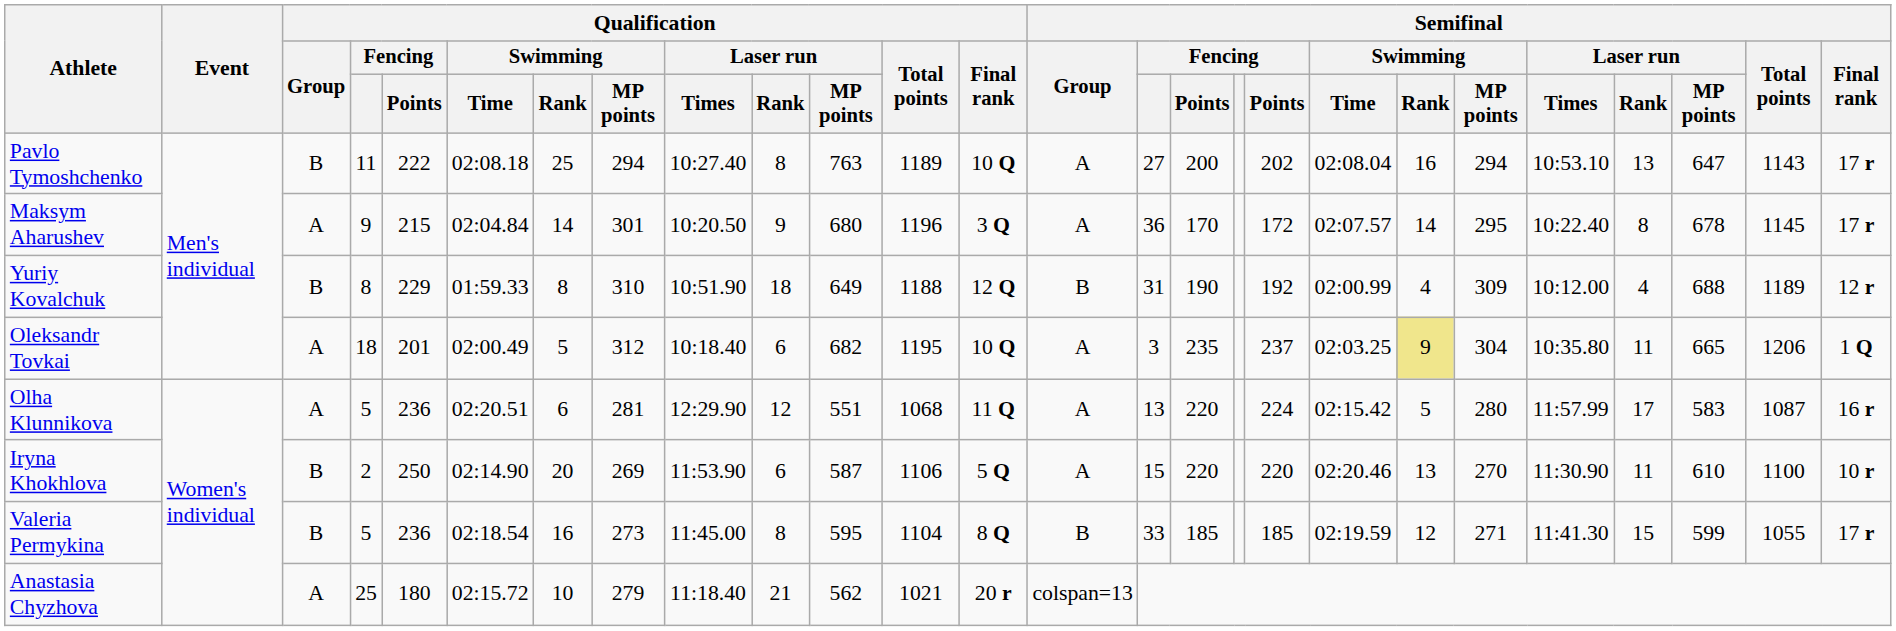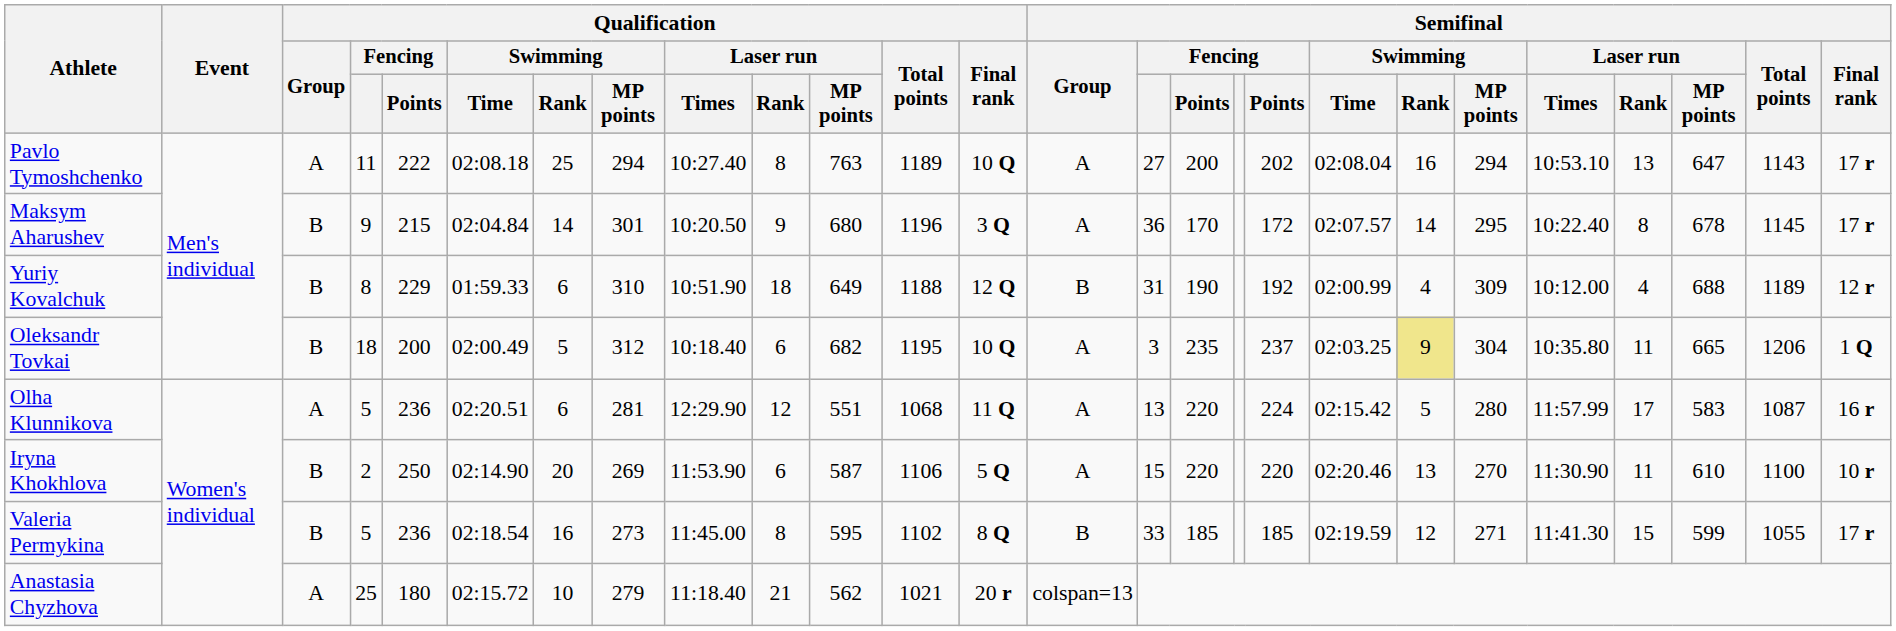 <table class="wikitable" style="font-size:90%">
 <tr>
 <th rowspan="3">Athlete</th>
 <th rowspan="3">Event</th>
 <th colspan=11>Qualification</th>
 <th colspan=13>Semifinal</th>
 </tr>
 <tr style="font-size:95%">
 <th rowspan=2>Group</th>
 <th colspan=2>Fencing</th>
 <th colspan=3>Swimming</th>
 <th colspan=3>Laser run</th>
 <th rowspan=2>Total points</th>
 <th rowspan=2>Final rank</th>
 <th rowspan=2>Group</th>
 <th colspan=4>Fencing</th>
 <th colspan=3>Swimming</th>
 <th colspan=3>Laser run</th>
 <th rowspan=2>Total points</th>
 <th rowspan=2>Final rank</th>
 </tr>
 <tr style="font-size:95%">
 <th></th>
 <th>Points</th>
 <th>Time</th>
 <th>Rank</th>
 <th>MP points</th>
 <th>Times</th>
 <th>Rank</th>
 <th>MP points</th>
 <th></th>
 <th>Points</th>
 <th></th>
 <th>Points</th>
 <th>Time</th>
 <th>Rank</th>
 <th>MP points</th>
 <th>Times</th>
 <th>Rank</th>
 <th>MP points</th>
 </tr>
 <tr align=center>
 <td align=left><a href='#'>Pavlo Tymoshchenko</a></td>
 <td align=left rowspan="4"><a href='#'>Men's individual</a></td>
-<td>B</td>
+<td>A</td>
 <td>11</td>
 <td>222</td>
 <td>02:08.18</td>
 <td>25</td>
 <td>294</td>
 <td>10:27.40</td>
 <td>8</td>
 <td>763</td>
 <td>1189</td>
 <td>10 <strong>Q</strong></td>
 <td>A</td>
 <td>27</td>
 <td>200</td>
 <td></td>
 <td>202</td>
 <td>02:08.04</td>
 <td>16</td>
 <td>294</td>
 <td>10:53.10</td>
 <td>13</td>
 <td>647</td>
 <td>1143</td>
 <td>17 <strong>r</strong></td>
 </tr>
 <tr align=center>
 <td align=left><a href='#'>Maksym Aharushev</a></td>
-<td>A</td>
+<td>B</td>
 <td>9</td>
 <td>215</td>
 <td>02:04.84</td>
 <td>14</td>
 <td>301</td>
 <td>10:20.50</td>
 <td>9</td>
 <td>680</td>
 <td>1196</td>
 <td>3 <strong>Q</strong></td>
 <td>A</td>
 <td>36</td>
 <td>170</td>
 <td></td>
 <td>172</td>
 <td>02:07.57</td>
 <td>14</td>
 <td>295</td>
 <td>10:22.40</td>
 <td>8</td>
 <td>678</td>
 <td>1145</td>
 <td>17 <strong>r</strong></td>
 </tr>
 <tr align=center>
 <td align=left><a href='#'>Yuriy Kovalchuk</a></td>
 <td>B</td>
 <td>8</td>
 <td>229</td>
 <td>01:59.33</td>
-<td>8</td>
+<td>6</td>
 <td>310</td>
 <td>10:51.90</td>
 <td>18</td>
 <td>649</td>
 <td>1188</td>
 <td>12 <strong>Q</strong></td>
 <td>B</td>
 <td>31</td>
 <td>190</td>
 <td></td>
 <td>192</td>
 <td>02:00.99</td>
 <td>4</td>
 <td>309</td>
 <td>10:12.00</td>
 <td>4</td>
 <td>688</td>
 <td>1189</td>
 <td>12 <strong>r</strong></td>
 </tr>
 <tr align=center>
 <td align=left><a href='#'>Oleksandr Tovkai</a></td>
-<td>A</td>
+<td>B</td>
 <td>18</td>
-<td>201</td>
+<td>200</td>
 <td>02:00.49</td>
 <td>5</td>
 <td>312</td>
 <td>10:18.40</td>
 <td>6</td>
 <td>682</td>
 <td>1195</td>
 <td>10 <strong>Q</strong></td>
 <td>A</td>
 <td>3</td>
 <td>235</td>
 <td></td>
 <td>237</td>
 <td>02:03.25</td>
 <td style="background: khaki;">9</td>
 <td>304</td>
 <td>10:35.80</td>
 <td>11</td>
 <td>665</td>
 <td>1206</td>
 <td>1 <strong>Q</strong></td>
 </tr>
 <tr align=center>
 <td align=left><a href='#'>Olha Klunnikova</a></td>
 <td align=left rowspan="4"><a href='#'>Women's individual</a></td>
 <td>A</td>
 <td>5</td>
 <td>236</td>
 <td>02:20.51</td>
 <td>6</td>
 <td>281</td>
 <td>12:29.90</td>
 <td>12</td>
 <td>551</td>
 <td>1068</td>
 <td>11 <strong>Q</strong></td>
 <td>A</td>
 <td>13</td>
 <td>220</td>
 <td></td>
 <td>224</td>
 <td>02:15.42</td>
 <td>5</td>
 <td>280</td>
 <td>11:57.99</td>
 <td>17</td>
 <td>583</td>
 <td>1087</td>
 <td>16 <strong>r</strong></td>
 </tr>
 <tr align=center>
 <td align=left><a href='#'>Iryna Khokhlova</a></td>
 <td>B</td>
 <td>2</td>
 <td>250</td>
 <td>02:14.90</td>
 <td>20</td>
 <td>269</td>
 <td>11:53.90</td>
 <td>6</td>
 <td>587</td>
 <td>1106</td>
 <td>5 <strong>Q</strong></td>
 <td>A</td>
 <td>15</td>
 <td>220</td>
 <td></td>
 <td>220</td>
 <td>02:20.46</td>
 <td>13</td>
 <td>270</td>
 <td>11:30.90</td>
 <td>11</td>
 <td>610</td>
 <td>1100</td>
 <td>10 <strong>r</strong></td>
 </tr>
 <tr align=center>
 <td align=left><a href='#'>Valeria Permykina</a></td>
 <td>B</td>
 <td>5</td>
 <td>236</td>
 <td>02:18.54</td>
 <td>16</td>
 <td>273</td>
 <td>11:45.00</td>
 <td>8</td>
 <td>595</td>
-<td>1104</td>
+<td>1102</td>
 <td>8 <strong>Q</strong></td>
 <td>B</td>
 <td>33</td>
 <td>185</td>
 <td></td>
 <td>185</td>
 <td>02:19.59</td>
 <td>12</td>
 <td>271</td>
 <td>11:41.30</td>
 <td>15</td>
 <td>599</td>
 <td>1055</td>
 <td>17 <strong>r</strong></td>
 </tr>
 <tr align=center>
 <td align=left><a href='#'>Anastasia Chyzhova</a></td>
 <td>A</td>
 <td>25</td>
 <td>180</td>
 <td>02:15.72</td>
 <td>10</td>
 <td>279</td>
 <td>11:18.40</td>
 <td>21</td>
 <td>562</td>
 <td>1021</td>
 <td>20 <strong>r</strong></td>
 <td>colspan=13 </td>
 </tr>
 </table>
